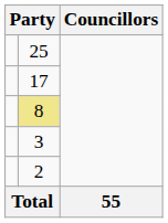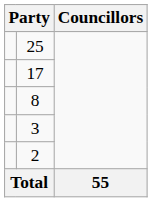 <table class="wikitable">
 <tr>
 <th colspan=2>Party</th>
 <th>Councillors</th>
 </tr>
 <tr>
 <td></td>
 <td align=center>25</td>
 </tr>
 <tr>
 <td></td>
 <td align=center>17</td>
 </tr>
 <tr>
 <td></td>
-<td align=center style="background: khaki;">8</td>
+<td align=center>8</td>
 </tr>
 <tr>
 <td></td>
 <td align=center>3</td>
 </tr>
 <tr>
 <td></td>
 <td align=center>2</td>
 </tr>
 <tr>
 <th colspan=2>Total</th>
 <th align=center>55</th>
 </tr>
 </table>
